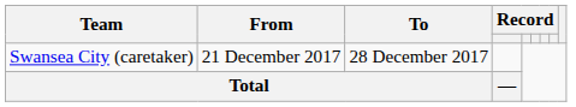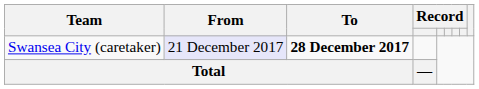 <table class=wikitable style="text-align: center">
 <tr>
 <th rowspan=2>Team</th>
 <th rowspan=2>From</th>
 <th rowspan=2>To</th>
 <th colspan=5>Record</th>
 <th rowspan=2></th>
 </tr>
 <tr>
 <th></th>
 <th></th>
 <th></th>
 <th></th>
 <th></th>
 </tr>
 <tr>
 <td align=left><a href='#'>Swansea City</a> (caretaker)</td>
-<td align=left>21 December 2017</td>
-<td align=left>28 December 2017<br></td>
+<td align=left style="background: lavender;">21 December 2017</td>
+<td align=left><strong>28 December 2017<br></strong></td>
 <td></td>
 </tr>
 <tr>
 <th colspan=3>Total<br></th>
 <th>—</th>
 </tr>
 </table>
